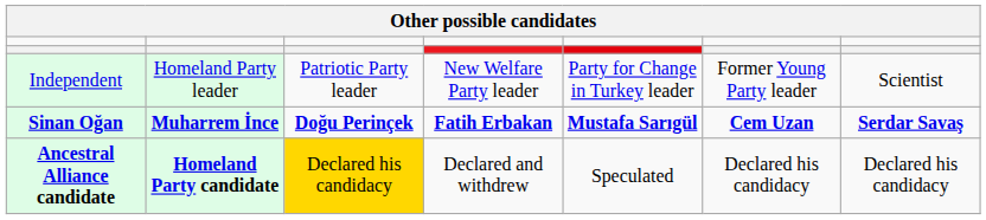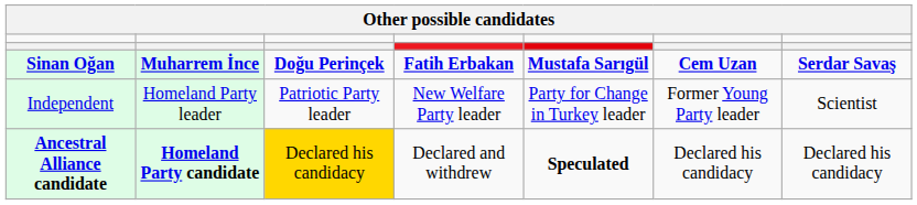 <table class="wikitable" style="margin:1em auto; font-size:90%; text-align:center;">
 <tr>
 <th colspan="7">Other possible candidates</th>
 </tr>
 <tr>
 <td></td>
 <td></td>
 <td></td>
 <td></td>
 <td></td>
 <td></td>
 <td></td>
 </tr>
 <tr>
 <th style="width:100px; font-size:100%; background:"></th>
 <th style="width:100px; font-size:100%; background:"></th>
 <th style="width:100px; font-size:100%; background:"></th>
 <th style="width:100px; font-size:100%; background:#EE171F;"></th>
 <th style="width:100px; font-size:100%; background:#E4010B;"></th>
 <th style="width:100px; font-size:100%; background:"></th>
 <th style="width:100px; font-size:100%; background:"></th>
 </tr>
 <tr>
+<td style="background:#DEFDE6;"><strong><a href='#'>Sinan Oğan</a></strong></td>
+<td style="background:#DEFDE6;"><strong><a href='#'>Muharrem İnce</a></strong></td>
+<td><strong><a href='#'>Doğu Perinçek</a></strong></td>
+<td><strong><a href='#'>Fatih Erbakan</a></strong></td>
+<td><strong><a href='#'>Mustafa Sarıgül</a></strong></td>
+<td><strong><a href='#'>Cem Uzan</a></strong></td>
+<td><strong><a href='#'>Serdar Savaş</a></strong></td>
+</tr>
+<tr>
 <td style="background:#DEFDE6;"><a href='#'>Independent</a></td>
 <td style="background:#DEFDE6;"><a href='#'>Homeland Party</a> leader</td>
 <td><a href='#'>Patriotic Party</a> leader</td>
 <td><a href='#'>New Welfare Party</a> leader</td>
 <td><a href='#'>Party for Change in Turkey</a> leader</td>
 <td>Former <a href='#'>Young Party</a> leader</td>
 <td>Scientist</td>
 </tr>
 <tr>
-<td style="background:#DEFDE6;"><strong><a href='#'>Sinan Oğan</a></strong></td>
-<td style="background:#DEFDE6;"><strong><a href='#'>Muharrem İnce</a></strong></td>
-<td><strong><a href='#'>Doğu Perinçek</a></strong></td>
-<td><strong><a href='#'>Fatih Erbakan</a></strong></td>
-<td><strong><a href='#'>Mustafa Sarıgül</a></strong></td>
-<td><strong><a href='#'>Cem Uzan</a></strong></td>
-<td><strong><a href='#'>Serdar Savaş</a></strong></td>
-</tr>
-<tr>
 <td style="background:#DEFDE6;"><strong><a href='#'>Ancestral Alliance</a> candidate</strong></td>
 <td style="background:#DEFDE6;"><strong><a href='#'>Homeland Party</a> candidate</strong></td>
 <td style="background: gold;">Declared his candidacy</td>
 <td>Declared and withdrew</td>
-<td>Speculated</td>
+<td><strong>Speculated</strong></td>
 <td>Declared his candidacy</td>
 <td>Declared his candidacy</td>
 </tr>
 </table>
